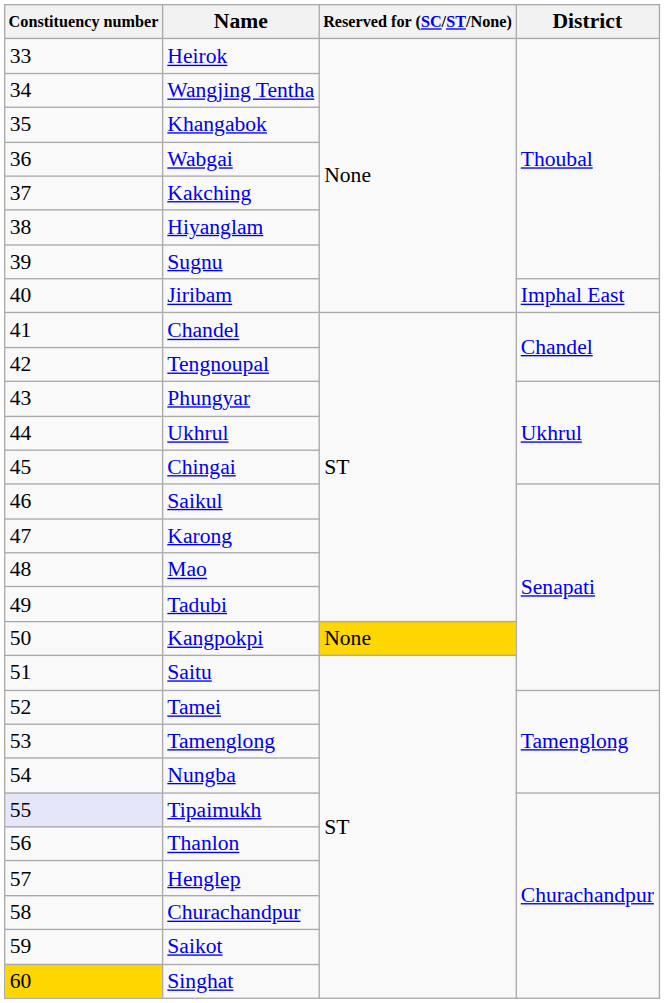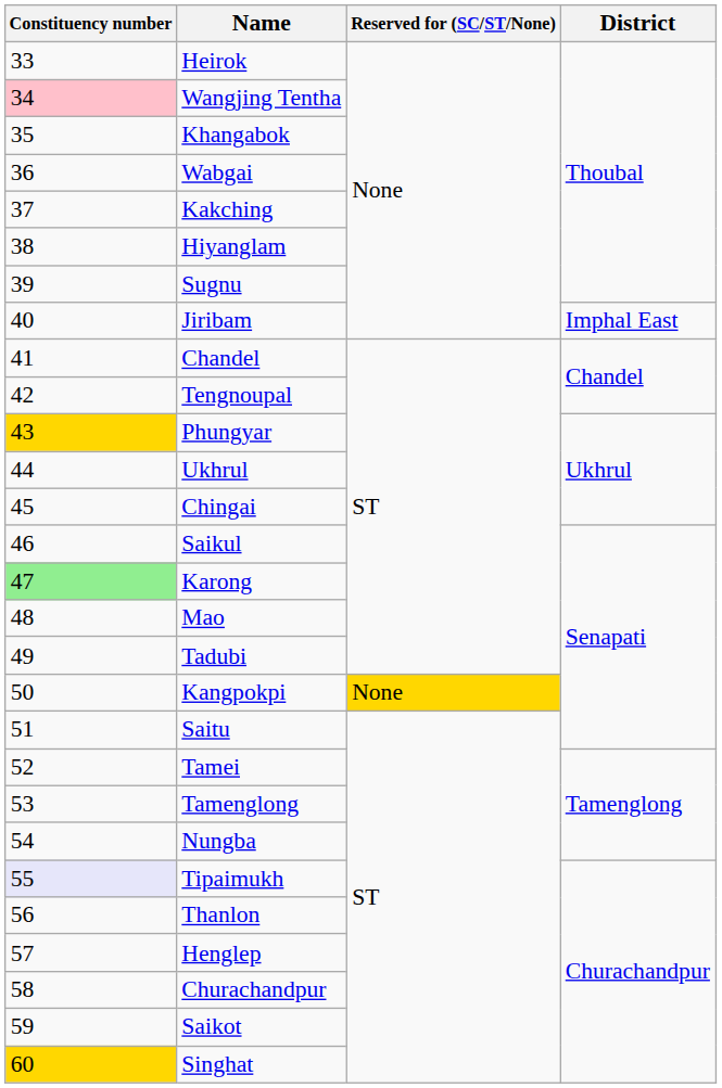 <table class="wikitable sortable collapsible collapsed">
 <tr>
 <th style="font-size:75%">Constituency number</th>
 <th>Name</th>
 <th style="font-size:75%">Reserved for (<a href='#'>SC</a>/<a href='#'>ST</a>/None)</th>
 <th>District</th>
 </tr>
 <tr>
 <td>33</td>
 <td><a href='#'>Heirok</a></td>
 <td rowspan="8">None</td>
 <td rowspan="7"><a href='#'>Thoubal</a></td>
 </tr>
 <tr>
-<td>34</td>
+<td style="background: pink;">34</td>
 <td><a href='#'>Wangjing Tentha</a></td>
 </tr>
 <tr>
 <td>35</td>
 <td><a href='#'>Khangabok</a></td>
 </tr>
 <tr>
 <td>36</td>
 <td><a href='#'>Wabgai</a></td>
 </tr>
 <tr>
 <td>37</td>
 <td><a href='#'>Kakching</a></td>
 </tr>
 <tr>
 <td>38</td>
 <td><a href='#'>Hiyanglam</a></td>
 </tr>
 <tr>
 <td>39</td>
 <td><a href='#'>Sugnu</a></td>
 </tr>
 <tr>
 <td>40</td>
 <td><a href='#'>Jiribam</a></td>
 <td><a href='#'>Imphal East</a></td>
 </tr>
 <tr>
 <td>41</td>
 <td><a href='#'>Chandel</a></td>
 <td rowspan="9">ST</td>
 <td rowspan="2"><a href='#'>Chandel</a></td>
 </tr>
 <tr>
 <td>42</td>
 <td><a href='#'>Tengnoupal</a></td>
 </tr>
 <tr>
-<td>43</td>
+<td style="background: gold;">43</td>
 <td><a href='#'>Phungyar</a></td>
 <td rowspan="3"><a href='#'>Ukhrul</a></td>
 </tr>
 <tr>
 <td>44</td>
 <td><a href='#'>Ukhrul</a></td>
 </tr>
 <tr>
 <td>45</td>
 <td><a href='#'>Chingai</a></td>
 </tr>
 <tr>
 <td>46</td>
 <td><a href='#'>Saikul</a></td>
 <td rowspan="6"><a href='#'>Senapati</a></td>
 </tr>
 <tr>
-<td>47</td>
+<td style="background: lightgreen;">47</td>
 <td><a href='#'>Karong</a></td>
 </tr>
 <tr>
 <td>48</td>
 <td><a href='#'>Mao</a></td>
 </tr>
 <tr>
 <td>49</td>
 <td><a href='#'>Tadubi</a></td>
 </tr>
 <tr>
 <td>50</td>
 <td><a href='#'>Kangpokpi</a></td>
 <td style="background: gold;">None</td>
 </tr>
 <tr>
 <td>51</td>
 <td><a href='#'>Saitu</a></td>
 <td rowspan="10">ST</td>
 </tr>
 <tr>
 <td>52</td>
 <td><a href='#'>Tamei</a></td>
 <td rowspan="3"><a href='#'>Tamenglong</a></td>
 </tr>
 <tr>
 <td>53</td>
 <td><a href='#'>Tamenglong</a></td>
 </tr>
 <tr>
 <td>54</td>
 <td><a href='#'>Nungba</a></td>
 </tr>
 <tr>
 <td style="background: lavender;">55</td>
 <td><a href='#'>Tipaimukh</a></td>
 <td rowspan="6"><a href='#'>Churachandpur</a></td>
 </tr>
 <tr>
 <td>56</td>
 <td><a href='#'>Thanlon</a></td>
 </tr>
 <tr>
 <td>57</td>
 <td><a href='#'>Henglep</a></td>
 </tr>
 <tr>
 <td>58</td>
 <td><a href='#'>Churachandpur</a></td>
 </tr>
 <tr>
 <td>59</td>
 <td><a href='#'>Saikot</a></td>
 </tr>
 <tr>
 <td style="background: gold;">60</td>
 <td><a href='#'>Singhat</a></td>
 </tr>
 </table>
